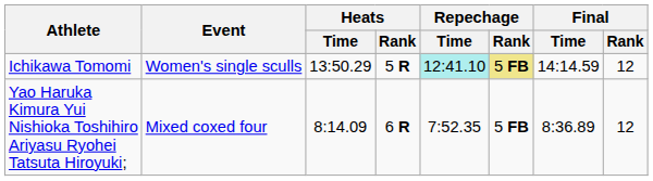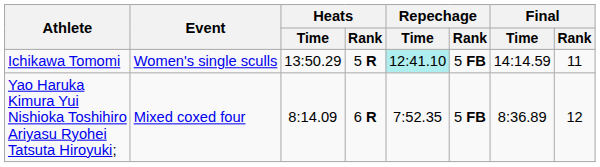 <table class="wikitable" style="font-size:90%">
 <tr>
 <th rowspan=2>Athlete</th>
 <th rowspan=2>Event</th>
 <th colspan=2>Heats</th>
 <th colspan=2>Repechage</th>
 <th colspan=2>Final</th>
 </tr>
 <tr style="font-size:95%">
 <th>Time</th>
 <th>Rank</th>
 <th>Time</th>
 <th>Rank</th>
 <th>Time</th>
 <th>Rank</th>
 </tr>
 <tr align=center>
 <td align=left><a href='#'>Ichikawa Tomomi</a></td>
 <td align=left><a href='#'>Women's single sculls</a></td>
 <td>13:50.29</td>
 <td>5 <strong>R</strong></td>
 <td style="background: paleturquoise;">12:41.10</td>
-<td style="background: khaki;">5 <strong>FB</strong></td>
+<td>5 <strong>FB</strong></td>
 <td>14:14.59</td>
-<td>12</td>
+<td>11</td>
 </tr>
 <tr align=center>
 <td align=left><a href='#'>Yao Haruka</a><br><a href='#'>Kimura Yui</a><br><a href='#'>Nishioka Toshihiro</a><br><a href='#'>Ariyasu Ryohei</a><br><a href='#'>Tatsuta Hiroyuki</a>;</td>
 <td align=left><a href='#'>Mixed coxed four</a></td>
 <td>8:14.09</td>
 <td>6 <strong>R</strong></td>
 <td>7:52.35</td>
 <td>5 <strong>FB</strong></td>
 <td>8:36.89</td>
 <td>12</td>
 </tr>
 </table>
